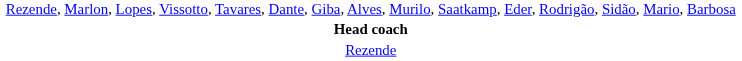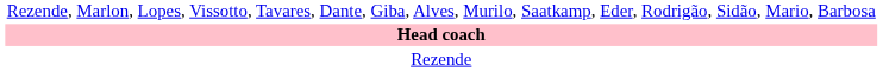 <table style="text-align: center; margin-top: 2em; margin-left: auto; margin-right: auto">
 <tr>
 <td><a href='#'>Rezende</a>, <a href='#'>Marlon</a>, <a href='#'>Lopes</a>, <a href='#'>Vissotto</a>, <a href='#'>Tavares</a>, <a href='#'>Dante</a>, <a href='#'>Giba</a>, <a href='#'>Alves</a>, <a href='#'>Murilo</a>, <a href='#'>Saatkamp</a>, <a href='#'>Eder</a>, <a href='#'>Rodrigão</a>, <a href='#'>Sidão</a>, <a href='#'>Mario</a>, <a href='#'>Barbosa</a></td>
 </tr>
 <tr>
-<td><strong>Head coach</strong></td>
+<td style="background: pink;"><strong>Head coach</strong></td>
 </tr>
 <tr>
 <td><a href='#'>Rezende</a></td>
 </tr>
 </table>
